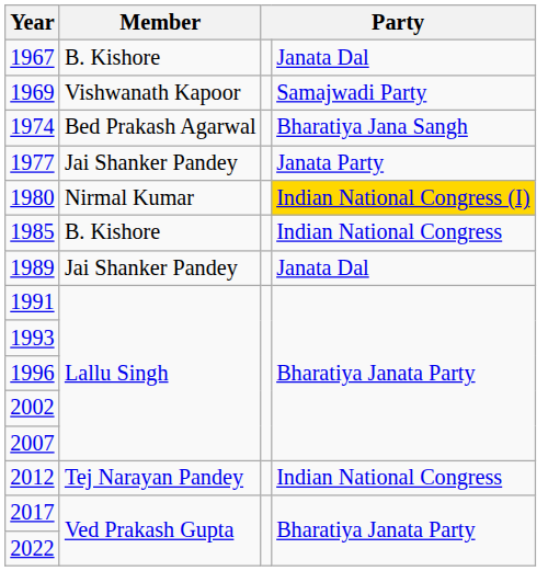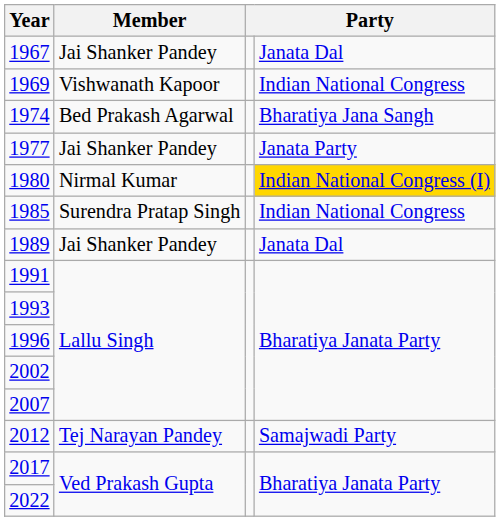 <table class="wikitable">
 <tr>
 <th>Year</th>
 <th>Member</th>
 <th colspan="2">Party</th>
 </tr>
 <tr>
 <td><a href='#'>1967</a></td>
-<td>B. Kishore</td>
+<td>Jai Shanker Pandey</td>
 <td style="background-color: "></td>
 <td><a href='#'>Janata Dal</a></td>
 </tr>
 <tr>
 <td><a href='#'>1969</a></td>
 <td>Vishwanath Kapoor</td>
 <td style="background-color: "></td>
-<td><a href='#'>Samajwadi Party</a></td>
+<td><a href='#'>Indian National Congress</a></td>
 </tr>
 <tr>
 <td><a href='#'>1974</a></td>
 <td>Bed Prakash Agarwal</td>
 <td style="background-color: "></td>
 <td><a href='#'>Bharatiya Jana Sangh</a></td>
 </tr>
 <tr>
 <td><a href='#'>1977</a></td>
 <td>Jai Shanker Pandey</td>
 <td style="background-color: "></td>
 <td><a href='#'>Janata Party</a></td>
 </tr>
 <tr>
 <td><a href='#'>1980</a></td>
 <td>Nirmal Kumar</td>
 <td style="background-color: "></td>
 <td style="background: gold;"><a href='#'>Indian National Congress (I)</a></td>
 </tr>
 <tr>
 <td><a href='#'>1985</a></td>
-<td>B. Kishore</td>
+<td>Surendra Pratap Singh</td>
 <td style="background-color: "></td>
 <td><a href='#'>Indian National Congress</a></td>
 </tr>
 <tr>
 <td><a href='#'>1989</a></td>
 <td>Jai Shanker Pandey</td>
 <td style="background-color: "></td>
 <td><a href='#'>Janata Dal</a></td>
 </tr>
 <tr>
 <td><a href='#'>1991</a></td>
 <td rowspan="5"><a href='#'>Lallu Singh</a></td>
 <td rowspan="5" style="background-color: "></td>
 <td rowspan="5"><a href='#'>Bharatiya Janata Party</a></td>
 </tr>
 <tr>
 <td><a href='#'>1993</a></td>
 </tr>
 <tr>
 <td><a href='#'>1996</a></td>
 </tr>
 <tr>
 <td><a href='#'>2002</a></td>
 </tr>
 <tr>
 <td><a href='#'>2007</a></td>
 </tr>
 <tr>
 <td><a href='#'>2012</a></td>
 <td><a href='#'>Tej Narayan Pandey</a></td>
 <td style="background-color: "></td>
-<td><a href='#'>Indian National Congress</a></td>
+<td><a href='#'>Samajwadi Party</a></td>
 </tr>
 <tr>
 <td><a href='#'>2017</a></td>
 <td rowspan="2"><a href='#'>Ved Prakash Gupta</a></td>
 <td rowspan="2" style="background-color: "></td>
 <td rowspan="2"><a href='#'>Bharatiya Janata Party</a></td>
 </tr>
 <tr>
 <td><a href='#'>2022</a></td>
 </tr>
 </table>
